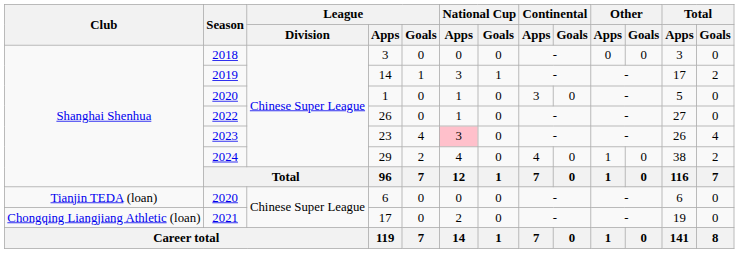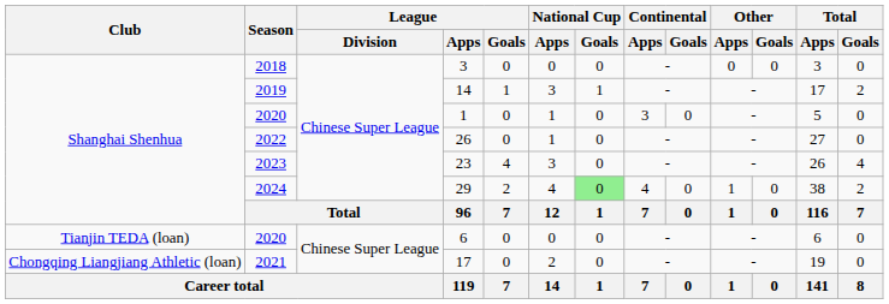 <table class="wikitable" style="text-align: center">
 <tr>
 <th rowspan="2">Club</th>
 <th rowspan="2">Season</th>
 <th colspan="3">League</th>
 <th colspan="2">National Cup</th>
 <th colspan="2">Continental</th>
 <th colspan="2">Other</th>
 <th colspan="2">Total</th>
 </tr>
 <tr>
 <th>Division</th>
 <th>Apps</th>
 <th>Goals</th>
 <th>Apps</th>
 <th>Goals</th>
 <th>Apps</th>
 <th>Goals</th>
 <th>Apps</th>
 <th>Goals</th>
 <th>Apps</th>
 <th>Goals</th>
 </tr>
 <tr>
 <td rowspan="7"><a href='#'>Shanghai Shenhua</a></td>
 <td><a href='#'>2018</a></td>
 <td rowspan="6"><a href='#'>Chinese Super League</a></td>
 <td>3</td>
 <td>0</td>
 <td>0</td>
 <td>0</td>
 <td colspan="2">-</td>
 <td>0</td>
 <td>0</td>
 <td>3</td>
 <td>0</td>
 </tr>
 <tr>
 <td><a href='#'>2019</a></td>
 <td>14</td>
 <td>1</td>
 <td>3</td>
 <td>1</td>
 <td colspan="2">-</td>
 <td colspan="2">-</td>
 <td>17</td>
 <td>2</td>
 </tr>
 <tr>
 <td><a href='#'>2020</a></td>
 <td>1</td>
 <td>0</td>
 <td>1</td>
 <td>0</td>
 <td>3</td>
 <td>0</td>
 <td colspan="2">-</td>
 <td>5</td>
 <td>0</td>
 </tr>
 <tr>
 <td><a href='#'>2022</a></td>
 <td>26</td>
 <td>0</td>
 <td>1</td>
 <td>0</td>
 <td colspan="2">-</td>
 <td colspan="2">-</td>
 <td>27</td>
 <td>0</td>
 </tr>
 <tr>
 <td><a href='#'>2023</a></td>
 <td>23</td>
 <td>4</td>
-<td style="background: pink;">3</td>
+<td>3</td>
 <td>0</td>
 <td colspan="2">-</td>
 <td colspan="2">-</td>
 <td>26</td>
 <td>4</td>
 </tr>
 <tr>
 <td><a href='#'>2024</a></td>
 <td>29</td>
 <td>2</td>
 <td>4</td>
-<td>0</td>
+<td style="background: lightgreen;">0</td>
 <td>4</td>
 <td>0</td>
 <td>1</td>
 <td>0</td>
 <td>38</td>
 <td>2</td>
 </tr>
 <tr>
 <th colspan=2>Total</th>
 <th>96</th>
 <th>7</th>
 <th>12</th>
 <th>1</th>
 <th>7</th>
 <th>0</th>
 <th>1</th>
 <th>0</th>
 <th>116</th>
 <th>7</th>
 </tr>
 <tr>
 <td><a href='#'>Tianjin TEDA</a> (loan)</td>
 <td><a href='#'>2020</a></td>
 <td rowspan="2">Chinese Super League</td>
 <td>6</td>
 <td>0</td>
 <td>0</td>
 <td>0</td>
 <td colspan="2">-</td>
 <td colspan="2">-</td>
 <td>6</td>
 <td>0</td>
 </tr>
 <tr>
 <td><a href='#'>Chongqing Liangjiang Athletic</a> (loan)</td>
 <td><a href='#'>2021</a></td>
 <td>17</td>
 <td>0</td>
 <td>2</td>
 <td>0</td>
 <td colspan="2">-</td>
 <td colspan="2">-</td>
 <td>19</td>
 <td>0</td>
 </tr>
 <tr>
 <th colspan=3>Career total</th>
 <th>119</th>
 <th>7</th>
 <th>14</th>
 <th>1</th>
 <th>7</th>
 <th>0</th>
 <th>1</th>
 <th>0</th>
 <th>141</th>
 <th>8</th>
 </tr>
 </table>
